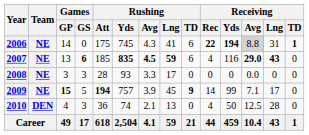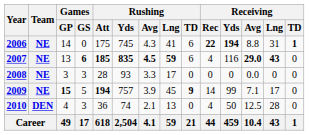 <table class="wikitable" style="text-align:center;">
 <tr>
 <th rowspan="2">Year</th>
 <th rowspan="2">Team</th>
 <th colspan="2">Games</th>
 <th colspan="5">Rushing</th>
 <th colspan="5">Receiving</th>
 </tr>
 <tr>
 <th>GP</th>
 <th>GS</th>
 <th>Att</th>
 <th>Yds</th>
 <th>Avg</th>
 <th>Lng</th>
 <th>TD</th>
 <th>Rec</th>
 <th>Yds</th>
 <th>Avg</th>
 <th>Lng</th>
 <th>TD</th>
 </tr>
 <tr>
 <th><a href='#'>2006</a></th>
 <th><a href='#'>NE</a></th>
 <td>14</td>
 <td>0</td>
 <td>175</td>
 <td>745</td>
 <td>4.3</td>
 <td>41</td>
 <td>6</td>
 <td><strong>22</strong></td>
 <td><strong>194</strong></td>
-<td style="background: lightgrey;">8.8</td>
+<td>8.8</td>
 <td>31</td>
 <td><strong>1</strong></td>
 </tr>
 <tr>
 <th><a href='#'>2007</a></th>
 <th><a href='#'>NE</a></th>
 <td>13</td>
 <td><strong>6</strong></td>
-<td>185</td>
+<td><strong>185</strong></td>
 <td><strong>835</strong></td>
 <td><strong>4.5</strong></td>
 <td><strong>59</strong></td>
 <td>6</td>
 <td>4</td>
 <td>116</td>
 <td><strong>29.0</strong></td>
 <td><strong>43</strong></td>
 <td>0</td>
 </tr>
 <tr>
 <th><a href='#'>2008</a></th>
 <th><a href='#'>NE</a></th>
 <td>3</td>
 <td>3</td>
 <td>28</td>
 <td>93</td>
 <td>3.3</td>
 <td>17</td>
 <td>0</td>
 <td>0</td>
 <td>0</td>
 <td>0.0</td>
 <td>0</td>
 <td>0</td>
 </tr>
 <tr>
 <th><a href='#'>2009</a></th>
 <th><a href='#'>NE</a></th>
 <td><strong>15</strong></td>
 <td>5</td>
 <td><strong>194</strong></td>
 <td>757</td>
 <td>3.9</td>
 <td>45</td>
 <td><strong>9</strong></td>
 <td>14</td>
 <td>99</td>
 <td>7.1</td>
 <td>17</td>
 <td>0</td>
 </tr>
 <tr>
 <th><a href='#'>2010</a></th>
 <th><a href='#'>DEN</a></th>
 <td>4</td>
 <td>3</td>
 <td>36</td>
 <td>74</td>
 <td>2.1</td>
 <td>13</td>
 <td>0</td>
 <td>4</td>
 <td>50</td>
 <td>12.5</td>
 <td>28</td>
 <td>0</td>
 </tr>
 <tr>
 <th colspan="2">Career</th>
 <th>49</th>
 <th>17</th>
 <th>618</th>
 <th>2,504</th>
 <th>4.1</th>
 <th>59</th>
 <th>21</th>
 <th>44</th>
 <th>459</th>
 <th>10.4</th>
 <th>43</th>
 <th>1</th>
 </tr>
 </table>
